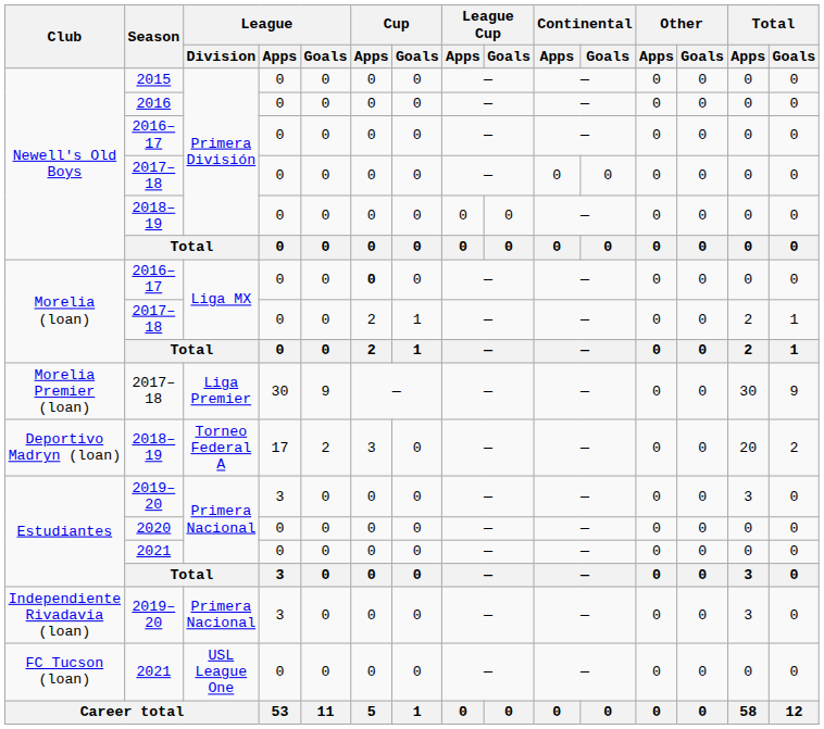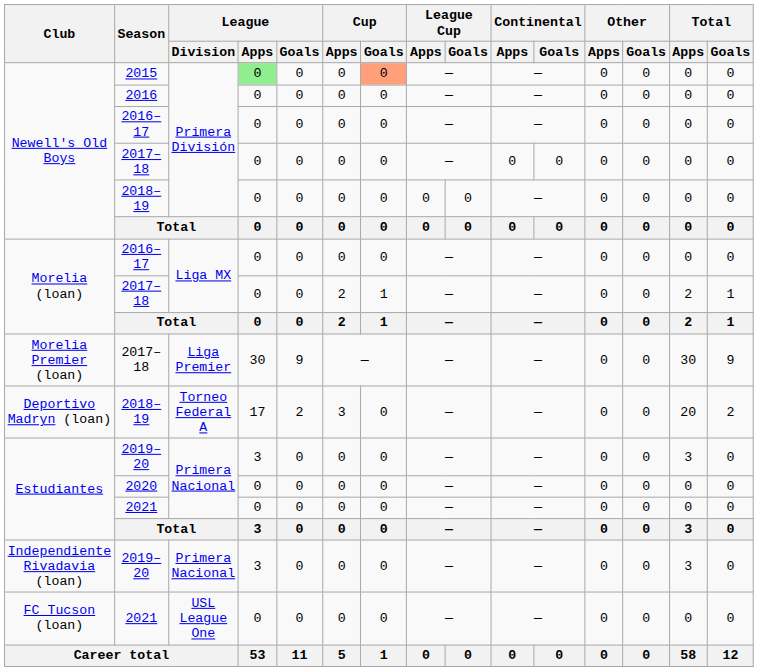 <table class="wikitable" style="text-align:center">
 <tr>
 <th rowspan="2">Club</th>
 <th rowspan="2">Season</th>
 <th colspan="3">League</th>
 <th colspan="2">Cup</th>
 <th colspan="2">League Cup</th>
 <th colspan="2">Continental</th>
 <th colspan="2">Other</th>
 <th colspan="2">Total</th>
 </tr>
 <tr>
 <th>Division</th>
 <th>Apps</th>
 <th>Goals</th>
 <th>Apps</th>
 <th>Goals</th>
 <th>Apps</th>
 <th>Goals</th>
 <th>Apps</th>
 <th>Goals</th>
 <th>Apps</th>
 <th>Goals</th>
 <th>Apps</th>
 <th>Goals</th>
 </tr>
 <tr>
 <td rowspan="6"><a href='#'>Newell's Old Boys</a></td>
 <td><a href='#'>2015</a></td>
 <td rowspan="5"><a href='#'>Primera División</a></td>
+<td style="background: lightgreen;">0</td>
 <td>0</td>
 <td>0</td>
-<td>0</td>
-<td>0</td>
+<td style="background: lightsalmon;">0</td>
 <td colspan="2">—</td>
 <td colspan="2">—</td>
 <td>0</td>
 <td>0</td>
 <td>0</td>
 <td>0</td>
 </tr>
 <tr>
 <td><a href='#'>2016</a></td>
 <td>0</td>
 <td>0</td>
 <td>0</td>
 <td>0</td>
 <td colspan="2">—</td>
 <td colspan="2">—</td>
 <td>0</td>
 <td>0</td>
 <td>0</td>
 <td>0</td>
 </tr>
 <tr>
 <td><a href='#'>2016–17</a></td>
 <td>0</td>
 <td>0</td>
 <td>0</td>
 <td>0</td>
 <td colspan="2">—</td>
 <td colspan="2">—</td>
 <td>0</td>
 <td>0</td>
 <td>0</td>
 <td>0</td>
 </tr>
 <tr>
 <td><a href='#'>2017–18</a></td>
 <td>0</td>
 <td>0</td>
 <td>0</td>
 <td>0</td>
 <td colspan="2">—</td>
 <td>0</td>
 <td>0</td>
 <td>0</td>
 <td>0</td>
 <td>0</td>
 <td>0</td>
 </tr>
 <tr>
 <td><a href='#'>2018–19</a></td>
 <td>0</td>
 <td>0</td>
 <td>0</td>
 <td>0</td>
 <td>0</td>
 <td>0</td>
 <td colspan="2">—</td>
 <td>0</td>
 <td>0</td>
 <td>0</td>
 <td>0</td>
 </tr>
 <tr>
 <th colspan="2">Total</th>
 <th>0</th>
 <th>0</th>
 <th>0</th>
 <th>0</th>
 <th>0</th>
 <th>0</th>
 <th>0</th>
 <th>0</th>
 <th>0</th>
 <th>0</th>
 <th>0</th>
 <th>0</th>
 </tr>
 <tr>
 <td rowspan="3"><a href='#'>Morelia</a> (loan)</td>
 <td><a href='#'>2016–17</a></td>
 <td rowspan="2"><a href='#'>Liga MX</a></td>
 <td>0</td>
 <td>0</td>
-<td><strong>0</strong></td>
+<td>0</td>
 <td>0</td>
 <td colspan="2">—</td>
 <td colspan="2">—</td>
 <td>0</td>
 <td>0</td>
 <td>0</td>
 <td>0</td>
 </tr>
 <tr>
 <td><a href='#'>2017–18</a></td>
 <td>0</td>
 <td>0</td>
 <td>2</td>
 <td>1</td>
 <td colspan="2">—</td>
 <td colspan="2">—</td>
 <td>0</td>
 <td>0</td>
 <td>2</td>
 <td>1</td>
 </tr>
 <tr>
 <th colspan="2">Total</th>
 <th>0</th>
 <th>0</th>
 <th>2</th>
 <th>1</th>
 <th colspan="2">—</th>
 <th colspan="2">—</th>
 <th>0</th>
 <th>0</th>
 <th>2</th>
 <th>1</th>
 </tr>
 <tr>
 <td rowspan="1"><a href='#'>Morelia Premier</a> (loan)</td>
 <td>2017–18</td>
 <td rowspan="1"><a href='#'>Liga Premier</a></td>
 <td>30</td>
 <td>9</td>
 <td colspan="2">—</td>
 <td colspan="2">—</td>
 <td colspan="2">—</td>
 <td>0</td>
 <td>0</td>
 <td>30</td>
 <td>9</td>
 </tr>
 <tr>
 <td rowspan="1"><a href='#'>Deportivo Madryn</a> (loan)</td>
 <td><a href='#'>2018–19</a></td>
 <td rowspan="1"><a href='#'>Torneo Federal A</a></td>
 <td>17</td>
 <td>2</td>
 <td>3</td>
 <td>0</td>
 <td colspan="2">—</td>
 <td colspan="2">—</td>
 <td>0</td>
 <td>0</td>
 <td>20</td>
 <td>2</td>
 </tr>
 <tr>
 <td rowspan="4"><a href='#'>Estudiantes</a></td>
 <td><a href='#'>2019–20</a></td>
 <td rowspan="3"><a href='#'>Primera Nacional</a></td>
 <td>3</td>
 <td>0</td>
 <td>0</td>
 <td>0</td>
 <td colspan="2">—</td>
 <td colspan="2">—</td>
 <td>0</td>
 <td>0</td>
 <td>3</td>
 <td>0</td>
 </tr>
 <tr>
 <td><a href='#'>2020</a></td>
 <td>0</td>
 <td>0</td>
 <td>0</td>
 <td>0</td>
 <td colspan="2">—</td>
 <td colspan="2">—</td>
 <td>0</td>
 <td>0</td>
 <td>0</td>
 <td>0</td>
 </tr>
 <tr>
 <td><a href='#'>2021</a></td>
 <td>0</td>
 <td>0</td>
 <td>0</td>
 <td>0</td>
 <td colspan="2">—</td>
 <td colspan="2">—</td>
 <td>0</td>
 <td>0</td>
 <td>0</td>
 <td>0</td>
 </tr>
 <tr>
 <th colspan="2">Total</th>
 <th>3</th>
 <th>0</th>
 <th>0</th>
 <th>0</th>
 <th colspan="2">—</th>
 <th colspan="2">—</th>
 <th>0</th>
 <th>0</th>
 <th>3</th>
 <th>0</th>
 </tr>
 <tr>
 <td rowspan="1"><a href='#'>Independiente Rivadavia</a> (loan)</td>
 <td><a href='#'>2019–20</a></td>
 <td rowspan="1"><a href='#'>Primera Nacional</a></td>
 <td>3</td>
 <td>0</td>
 <td>0</td>
 <td>0</td>
 <td colspan="2">—</td>
 <td colspan="2">—</td>
 <td>0</td>
 <td>0</td>
 <td>3</td>
 <td>0</td>
 </tr>
 <tr>
 <td rowspan="1"><a href='#'>FC Tucson</a> (loan)</td>
 <td><a href='#'>2021</a></td>
 <td rowspan="1"><a href='#'>USL League One</a></td>
 <td>0</td>
 <td>0</td>
 <td>0</td>
 <td>0</td>
 <td colspan="2">—</td>
 <td colspan="2">—</td>
 <td>0</td>
 <td>0</td>
 <td>0</td>
 <td>0</td>
 </tr>
 <tr>
 <th colspan="3">Career total</th>
 <th>53</th>
 <th>11</th>
 <th>5</th>
 <th>1</th>
 <th>0</th>
 <th>0</th>
 <th>0</th>
 <th>0</th>
 <th>0</th>
 <th>0</th>
 <th>58</th>
 <th>12</th>
 </tr>
 </table>
